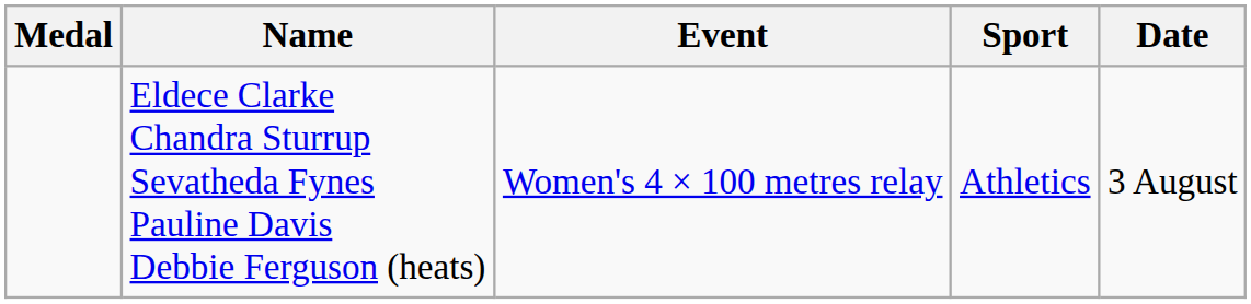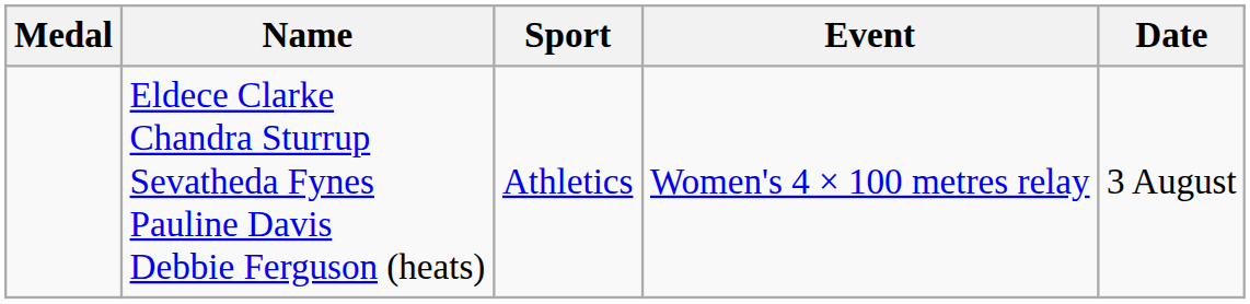 <table class="wikitable sortable" style="font-size:90%">
 <tr>
 <th>Medal</th>
 <th>Name</th>
+<th>Sport</th>
 <th>Event</th>
-<th>Sport</th>
 <th>Date</th>
 </tr>
 <tr>
 <td></td>
 <td><a href='#'>Eldece Clarke</a><br><a href='#'>Chandra Sturrup</a><br><a href='#'>Sevatheda Fynes</a><br><a href='#'>Pauline Davis</a><br><a href='#'>Debbie Ferguson</a> (heats)</td>
+<td><a href='#'>Athletics</a></td>
 <td><a href='#'>Women's 4 × 100 metres relay</a></td>
-<td><a href='#'>Athletics</a></td>
 <td>3 August</td>
 </tr>
 </table>
